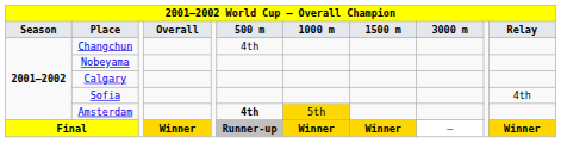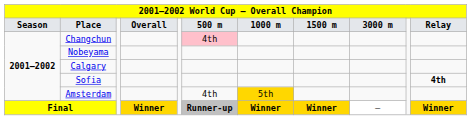 <table class="wikitable collapsible collapsed" style="font-size: 100%; text-align: center">
 <tr>
 <th colspan="19" style="background:#FF0; width:400px;"><span>2001–2002 World Cup – Overall Champion</span></th>
 </tr>
 <tr>
 <th style="background:#e4e7eb; width:80px;">Season</th>
 <th style="background:#e4e7eb; width:80px;">Place</th>
 <td width=1% rowspan=7 style="border-top:none;border-bottom:none;"></td>
 <th style="background:#e4e7eb; width:80px;">Overall</th>
 <td width=1% rowspan=7 style="border-top:none;border-bottom:none;"></td>
 <th style="background:#e4e7eb; width:80px;">500 m</th>
 <th style="background:#e4e7eb; width:80px;">1000 m</th>
 <th style="background:#e4e7eb; width:80px;">1500 m</th>
 <th style="background:#e4e7eb; width:80px;">3000 m</th>
 <td width=1% rowspan=7 style="border-top:none;border-bottom:none;"></td>
 <th style="background:#e4e7eb; width:80px;">Relay</th>
 </tr>
 <tr align=center>
 <td rowspan=5><strong>2001–2002</strong></td>
 <td><a href='#'>Changchun</a></td>
 <td></td>
-<td>4th</td>
+<td style="background: pink;">4th</td>
 <td></td>
 <td></td>
 <td></td>
 <td></td>
 </tr>
 <tr align=center>
 <td><a href='#'>Nobeyama</a></td>
 <td></td>
 <td></td>
 <td></td>
 <td></td>
 <td></td>
 <td></td>
 </tr>
 <tr align=center>
 <td><a href='#'>Calgary</a></td>
 <td></td>
 <td></td>
 <td></td>
 <td></td>
 <td></td>
 <td></td>
 </tr>
 <tr align=center>
 <td><a href='#'>Sofia</a></td>
 <td></td>
 <td></td>
 <td></td>
 <td></td>
 <td></td>
-<td>4th</td>
+<td><strong>4th</strong></td>
 </tr>
 <tr align=center>
 <td><a href='#'>Amsterdam</a></td>
 <td></td>
-<td><strong>4th</strong></td>
+<td>4th</td>
 <td style="background: gold;">5th</td>
 <td></td>
 <td></td>
 <td></td>
 </tr>
 <tr style="text-align:center; background:#dadde0;">
 <td colspan="2" style="background:#FF0; color:black;"><strong>Final</strong></td>
 <td style="background:gold;"><strong>Winner</strong></td>
 <td style="background:silver;"><strong>Runner-up</strong></td>
 <td style="background:gold;"><strong>Winner</strong></td>
 <td style="background:gold;"><strong>Winner</strong></td>
 <td style="background:#FFF;"><em>—</em></td>
 <td style="background:gold;"><strong>Winner</strong></td>
 </tr>
 </table>
